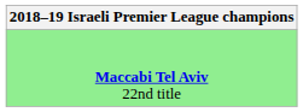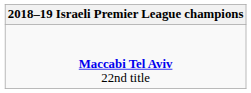 <table class=wikitable style="text-align:center; margin:auto">
 <tr>
 <th>2018–19 Israeli Premier League champions</th>
 </tr>
 <tr>
-<td style="background: lightgreen;"><br><br> <strong><a href='#'>Maccabi Tel Aviv</a></strong><br>22nd title</td>
+<td><br><br> <strong><a href='#'>Maccabi Tel Aviv</a></strong><br>22nd title</td>
 </tr>
 </table>
